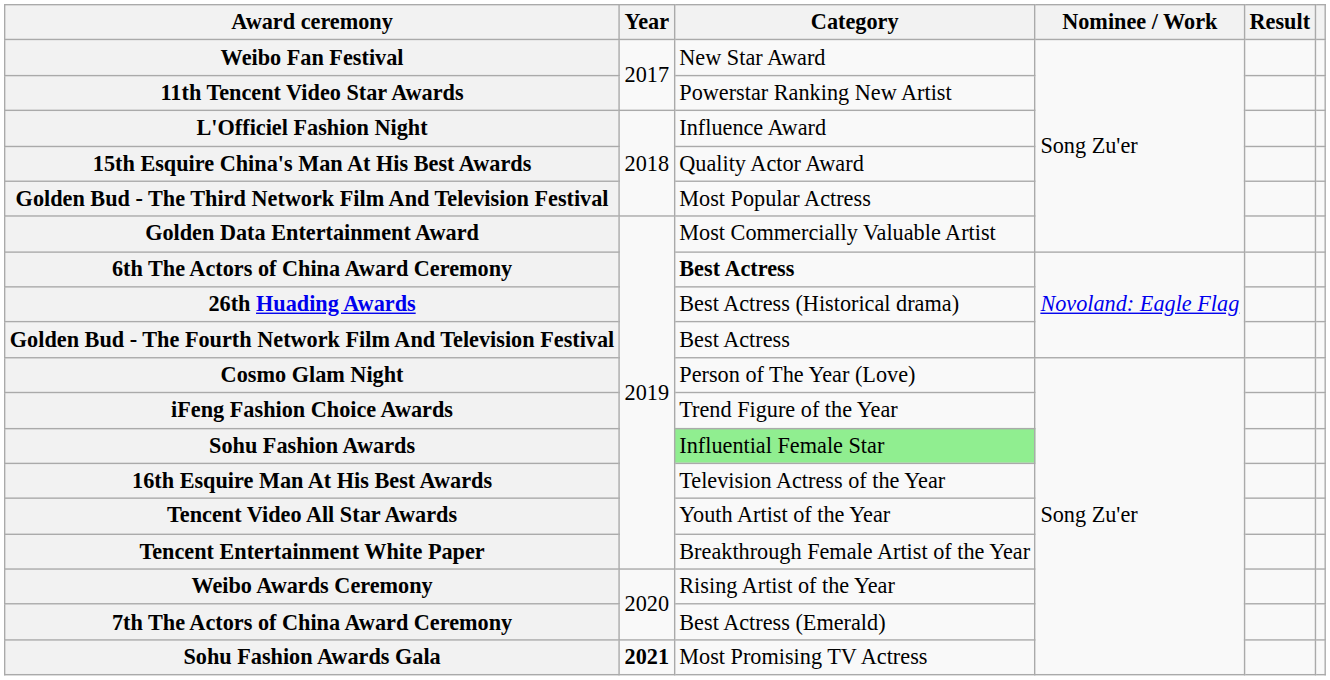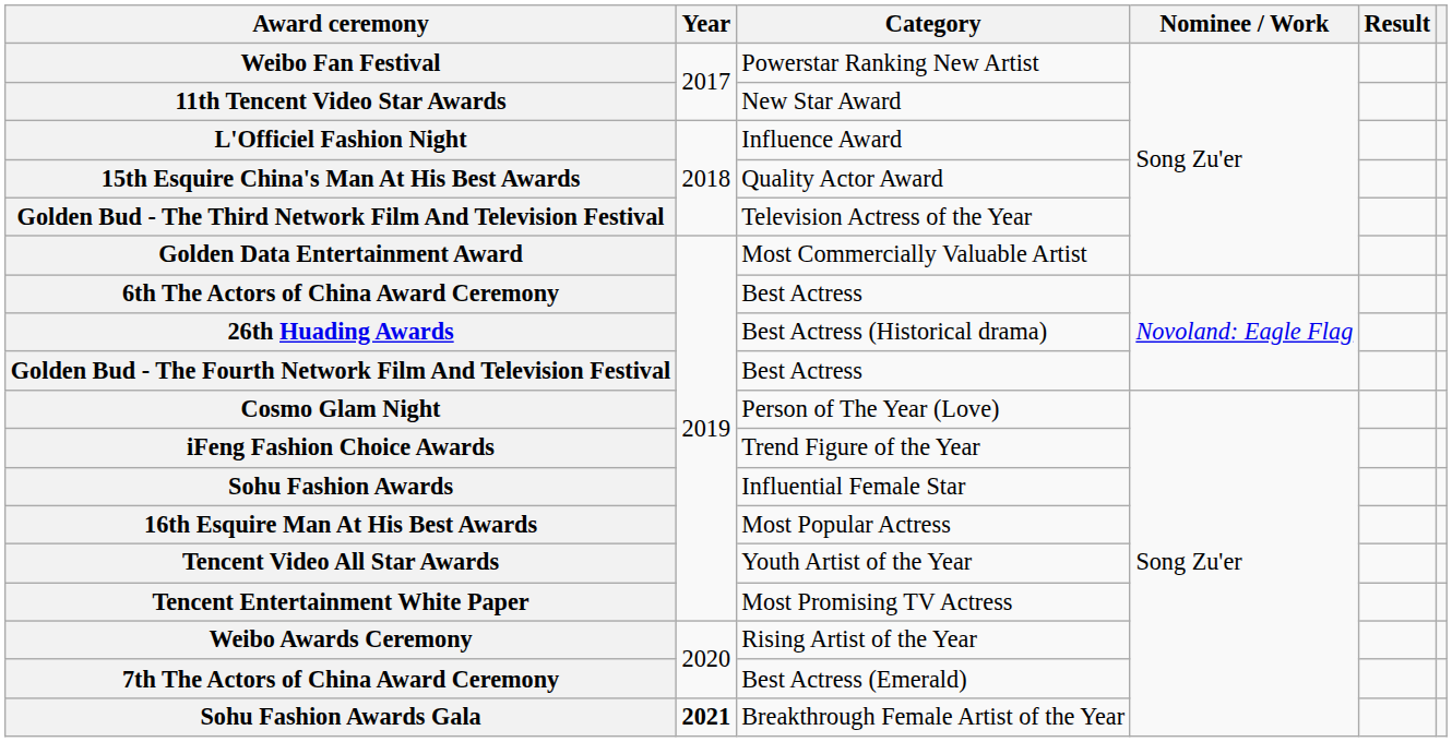 <table class="wikitable plainrowheaders sortable">
 <tr>
 <th scope="col">Award ceremony</th>
 <th scope="col">Year</th>
 <th scope="col">Category</th>
 <th scope="col">Nominee / Work</th>
 <th scope="col">Result</th>
 <th scope="col" class="unsortable"></th>
 </tr>
 <tr>
 <th scope="row">Weibo Fan Festival</th>
 <td rowspan="2">2017</td>
-<td>New Star Award</td>
+<td>Powerstar Ranking New Artist</td>
 <td rowspan="6">Song Zu'er</td>
 <td></td>
 <td></td>
 </tr>
 <tr>
 <th scope="row">11th Tencent Video Star Awards</th>
-<td>Powerstar Ranking New Artist</td>
+<td>New Star Award</td>
 <td></td>
 <td></td>
 </tr>
 <tr>
 <th scope="row">L'Officiel Fashion Night</th>
 <td rowspan=3>2018</td>
 <td>Influence Award</td>
 <td></td>
 <td></td>
 </tr>
 <tr>
 <th scope="row">15th Esquire China's Man At His Best Awards</th>
 <td>Quality Actor Award</td>
 <td></td>
 <td></td>
 </tr>
 <tr>
 <th scope="row">Golden Bud - The Third Network Film And Television Festival</th>
-<td>Most Popular Actress</td>
+<td>Television Actress of the Year</td>
 <td></td>
 <td></td>
 </tr>
 <tr>
 <th scope="row">Golden Data Entertainment Award</th>
 <td rowspan=10>2019</td>
 <td>Most Commercially Valuable Artist</td>
 <td></td>
 <td></td>
 </tr>
 <tr>
 <th scope="row">6th The Actors of China Award Ceremony</th>
-<td><strong>Best Actress</strong></td>
+<td>Best Actress</td>
 <td rowspan=3><em><a href='#'>Novoland: Eagle Flag</a></em></td>
 <td></td>
 <td></td>
 </tr>
 <tr>
 <th scope="row">26th <a href='#'>Huading Awards</a></th>
 <td>Best Actress (Historical drama)</td>
 <td></td>
 <td></td>
 </tr>
 <tr>
 <th scope="row">Golden Bud - The Fourth Network Film And Television Festival</th>
 <td>Best Actress</td>
 <td></td>
 <td></td>
 </tr>
 <tr>
 <th scope="row">Cosmo Glam Night</th>
 <td>Person of The Year (Love)</td>
 <td rowspan="9">Song Zu'er</td>
 <td></td>
 <td></td>
 </tr>
 <tr>
 <th scope="row">iFeng Fashion Choice Awards</th>
 <td>Trend Figure of the Year</td>
 <td></td>
 <td></td>
 </tr>
 <tr>
 <th scope="row">Sohu Fashion Awards</th>
-<td style="background: lightgreen;">Influential Female Star</td>
+<td>Influential Female Star</td>
 <td></td>
 <td></td>
 </tr>
 <tr>
 <th scope="row">16th Esquire Man At His Best Awards</th>
-<td>Television Actress of the Year</td>
+<td>Most Popular Actress</td>
 <td></td>
 <td></td>
 </tr>
 <tr>
 <th scope="row">Tencent Video All Star Awards</th>
 <td>Youth Artist of the Year</td>
 <td></td>
 <td></td>
 </tr>
 <tr>
 <th scope="row">Tencent Entertainment White Paper</th>
-<td>Breakthrough Female Artist of the Year</td>
+<td>Most Promising TV Actress</td>
 <td></td>
 <td></td>
 </tr>
 <tr>
 <th scope="row">Weibo Awards Ceremony</th>
 <td rowspan=2>2020</td>
 <td>Rising Artist of the Year</td>
 <td></td>
 <td></td>
 </tr>
 <tr>
 <th scope="row">7th The Actors of China Award Ceremony</th>
 <td>Best Actress (Emerald)</td>
 <td></td>
 <td></td>
 </tr>
 <tr>
 <th scope="row">Sohu Fashion Awards Gala</th>
 <td><strong>2021</strong></td>
-<td>Most Promising TV Actress</td>
+<td>Breakthrough Female Artist of the Year</td>
 <td></td>
 <td></td>
 </tr>
 </table>
